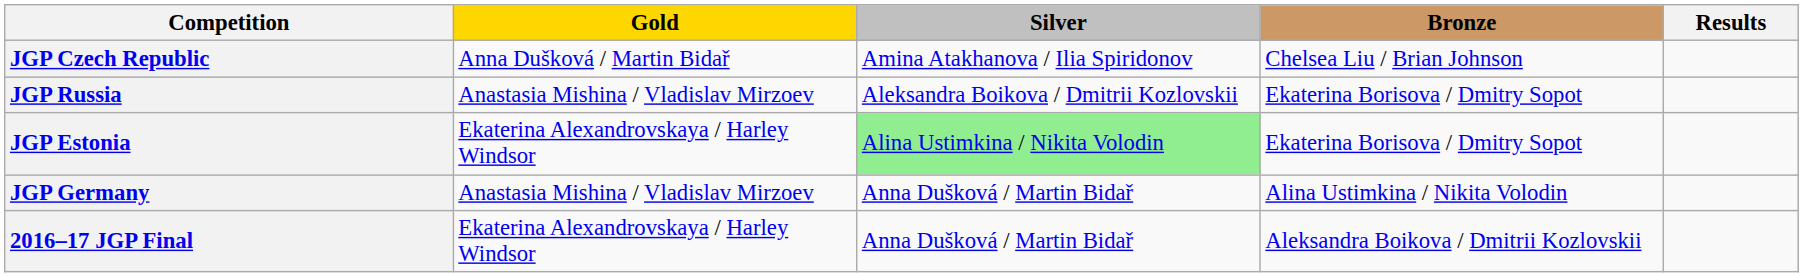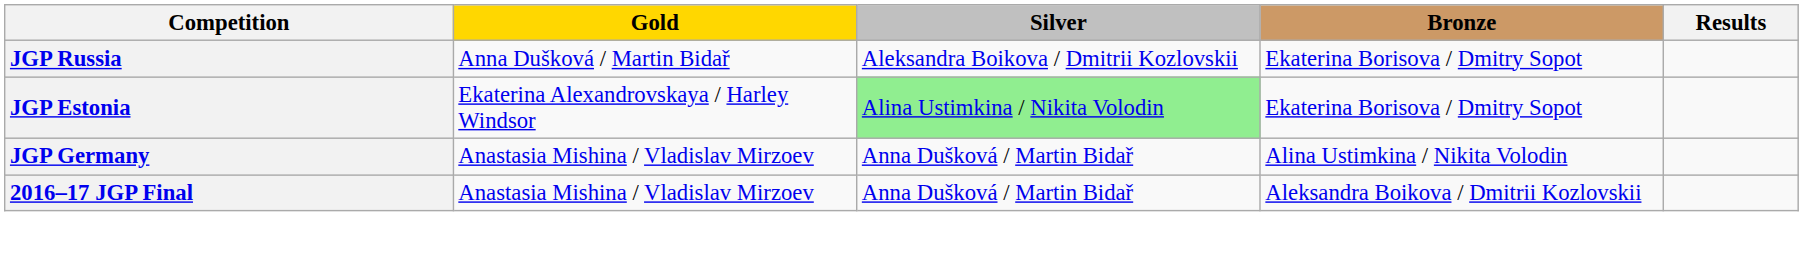 <table class="wikitable unsortable" style="text-align:left; width:100%">
 <tr>
 <th scope="col" style="text-align:center; width:25%;">Competition</th>
 <td scope="col" style="text-align:center; width:22.5%; background:gold"><strong>Gold</strong></td>
 <td scope="col" style="text-align:center; width:22.5%; background:silver"><strong>Silver</strong></td>
 <td scope="col" style="text-align:center; width:22.5%; background:#c96"><strong>Bronze</strong></td>
 <th scope="col" style="text-align:center; width:7.5%;">Results</th>
 </tr>
 <tr>
-<th scope="row" style="text-align:left"> <a href='#'>JGP Czech Republic</a></th>
+<th scope="row" style="text-align:left"> <a href='#'>JGP Russia</a></th>
 <td> <a href='#'>Anna Dušková</a> / <a href='#'>Martin Bidař</a></td>
-<td> <a href='#'>Amina Atakhanova</a> / <a href='#'>Ilia Spiridonov</a></td>
-<td> <a href='#'>Chelsea Liu</a> / <a href='#'>Brian Johnson</a></td>
-<td></td>
-</tr>
-<tr>
-<th scope="row" style="text-align:left"> <a href='#'>JGP Russia</a></th>
-<td> <a href='#'>Anastasia Mishina</a> / <a href='#'>Vladislav Mirzoev</a></td>
 <td> <a href='#'>Aleksandra Boikova</a> / <a href='#'>Dmitrii Kozlovskii</a></td>
 <td> <a href='#'>Ekaterina Borisova</a> / <a href='#'>Dmitry Sopot</a></td>
 <td></td>
 </tr>
 <tr>
 <th scope="row" style="text-align:left"> <a href='#'>JGP Estonia</a></th>
 <td> <a href='#'>Ekaterina Alexandrovskaya</a> / <a href='#'>Harley Windsor</a></td>
 <td style="background: lightgreen;"> <a href='#'>Alina Ustimkina</a> / <a href='#'>Nikita Volodin</a></td>
 <td> <a href='#'>Ekaterina Borisova</a> / <a href='#'>Dmitry Sopot</a></td>
 <td></td>
 </tr>
 <tr>
 <th scope="row" style="text-align:left"> <a href='#'>JGP Germany</a></th>
 <td> <a href='#'>Anastasia Mishina</a> / <a href='#'>Vladislav Mirzoev</a></td>
 <td> <a href='#'>Anna Dušková</a> / <a href='#'>Martin Bidař</a></td>
 <td> <a href='#'>Alina Ustimkina</a> / <a href='#'>Nikita Volodin</a></td>
 <td></td>
 </tr>
 <tr>
 <th scope="row" style="text-align:left"> <a href='#'>2016–17 JGP Final</a></th>
-<td> <a href='#'>Ekaterina Alexandrovskaya</a> / <a href='#'>Harley Windsor</a></td>
+<td> <a href='#'>Anastasia Mishina</a> / <a href='#'>Vladislav Mirzoev</a></td>
 <td> <a href='#'>Anna Dušková</a> / <a href='#'>Martin Bidař</a></td>
 <td> <a href='#'>Aleksandra Boikova</a> / <a href='#'>Dmitrii Kozlovskii</a></td>
 <td></td>
 </tr>
 </table>
